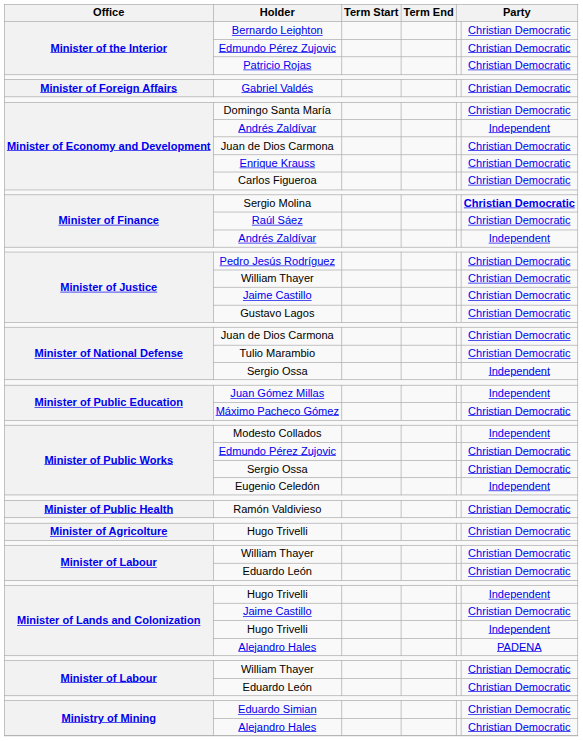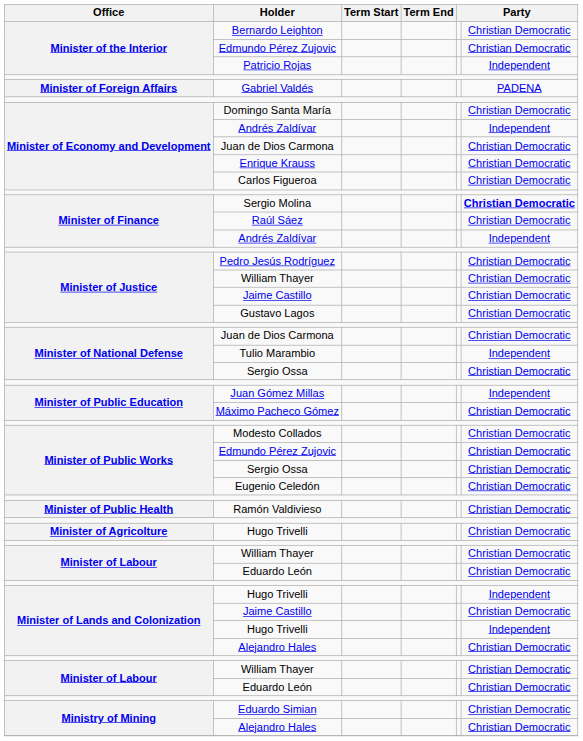 <table class="wikitable sortable" style="text-align:center;">
 <tr>
 <th>Office</th>
 <th>Holder</th>
 <th>Term Start</th>
 <th>Term End</th>
 <th colspan=2>Party</th>
 </tr>
 <tr>
 <th rowspan=3><a href='#'>Minister of the Interior</a></th>
 <td><a href='#'>Bernardo Leighton</a></td>
 <td></td>
 <td></td>
 <td></td>
 <td><a href='#'>Christian Democratic</a></td>
 </tr>
 <tr>
 <td><a href='#'>Edmundo Pérez Zujovic</a></td>
 <td></td>
 <td></td>
 <td></td>
 <td><a href='#'>Christian Democratic</a></td>
 </tr>
 <tr>
 <td><a href='#'>Patricio Rojas</a></td>
 <td></td>
 <td></td>
 <td></td>
-<td><a href='#'>Christian Democratic</a></td>
+<td><a href='#'>Independent</a></td>
 </tr>
 <tr>
 <td colspan=6></td>
 </tr>
 <tr>
 <th><a href='#'>Minister of Foreign Affairs</a></th>
 <td><a href='#'>Gabriel Valdés</a></td>
 <td></td>
 <td></td>
 <td></td>
-<td><a href='#'>Christian Democratic</a></td>
+<td><a href='#'>PADENA</a></td>
 </tr>
 <tr>
 <td colspan=6></td>
 </tr>
 <tr>
 <th rowspan=5><a href='#'>Minister of Economy and Development</a></th>
 <td>Domingo Santa María</td>
 <td></td>
 <td></td>
 <td></td>
 <td><a href='#'>Christian Democratic</a></td>
 </tr>
 <tr>
 <td><a href='#'>Andrés Zaldívar</a></td>
 <td></td>
 <td></td>
 <td></td>
 <td><a href='#'>Independent</a></td>
 </tr>
 <tr>
 <td>Juan de Dios Carmona</td>
 <td></td>
 <td></td>
 <td></td>
 <td><a href='#'>Christian Democratic</a></td>
 </tr>
 <tr>
 <td><a href='#'>Enrique Krauss</a></td>
 <td></td>
 <td></td>
 <td></td>
 <td><a href='#'>Christian Democratic</a></td>
 </tr>
 <tr>
 <td>Carlos Figueroa</td>
 <td></td>
 <td></td>
 <td></td>
 <td><a href='#'>Christian Democratic</a></td>
 </tr>
 <tr>
 <td colspan=6></td>
 </tr>
 <tr>
 <th rowspan=3><a href='#'>Minister of Finance</a></th>
 <td>Sergio Molina</td>
 <td></td>
 <td></td>
 <td></td>
 <td><strong><a href='#'>Christian Democratic</a></strong></td>
 </tr>
 <tr>
 <td><a href='#'>Raúl Sáez</a></td>
 <td></td>
 <td></td>
 <td></td>
 <td><a href='#'>Christian Democratic</a></td>
 </tr>
 <tr>
 <td><a href='#'>Andrés Zaldívar</a></td>
 <td></td>
 <td></td>
 <td></td>
 <td><a href='#'>Independent</a></td>
 </tr>
 <tr>
 <td colspan=6></td>
 </tr>
 <tr>
 <th rowspan=4><a href='#'>Minister of Justice</a></th>
 <td><a href='#'>Pedro Jesús Rodríguez</a></td>
 <td></td>
 <td></td>
 <td></td>
 <td><a href='#'>Christian Democratic</a></td>
 </tr>
 <tr>
 <td>William Thayer</td>
 <td></td>
 <td></td>
 <td></td>
 <td><a href='#'>Christian Democratic</a></td>
 </tr>
 <tr>
 <td><a href='#'>Jaime Castillo</a></td>
 <td></td>
 <td></td>
 <td></td>
 <td><a href='#'>Christian Democratic</a></td>
 </tr>
 <tr>
 <td>Gustavo Lagos</td>
 <td></td>
 <td></td>
 <td></td>
 <td><a href='#'>Christian Democratic</a></td>
 </tr>
 <tr>
 <td colspan=6></td>
 </tr>
 <tr>
 <th rowspan=3><a href='#'>Minister of National Defense</a></th>
 <td>Juan de Dios Carmona</td>
 <td></td>
 <td></td>
 <td></td>
 <td><a href='#'>Christian Democratic</a></td>
 </tr>
 <tr>
 <td>Tulio Marambio</td>
 <td></td>
 <td></td>
 <td></td>
-<td><a href='#'>Christian Democratic</a></td>
+<td><a href='#'>Independent</a></td>
 </tr>
 <tr>
 <td>Sergio Ossa</td>
 <td></td>
 <td></td>
 <td></td>
-<td><a href='#'>Independent</a></td>
+<td><a href='#'>Christian Democratic</a></td>
 </tr>
 <tr>
 <td colspan=6></td>
 </tr>
 <tr>
 <th rowspan=2><a href='#'>Minister of Public Education</a></th>
 <td><a href='#'>Juan Gómez Millas</a></td>
 <td></td>
 <td></td>
 <td></td>
 <td><a href='#'>Independent</a></td>
 </tr>
 <tr>
 <td><a href='#'>Máximo Pacheco Gómez</a></td>
 <td></td>
 <td></td>
 <td></td>
 <td><a href='#'>Christian Democratic</a></td>
 </tr>
 <tr>
 <td colspan=6></td>
 </tr>
 <tr>
 <th rowspan=4><a href='#'>Minister of Public Works</a></th>
 <td>Modesto Collados</td>
 <td></td>
 <td></td>
 <td></td>
-<td><a href='#'>Independent</a></td>
+<td><a href='#'>Christian Democratic</a></td>
 </tr>
 <tr>
 <td><a href='#'>Edmundo Pérez Zujovic</a></td>
 <td></td>
 <td></td>
 <td></td>
 <td><a href='#'>Christian Democratic</a></td>
 </tr>
 <tr>
 <td>Sergio Ossa</td>
 <td></td>
 <td></td>
 <td></td>
 <td><a href='#'>Christian Democratic</a></td>
 </tr>
 <tr>
 <td>Eugenio Celedón</td>
 <td></td>
 <td></td>
 <td></td>
-<td><a href='#'>Independent</a></td>
+<td><a href='#'>Christian Democratic</a></td>
 </tr>
 <tr>
 <td colspan=6></td>
 </tr>
 <tr>
 <th><a href='#'>Minister of Public Health</a></th>
 <td>Ramón Valdivieso</td>
 <td></td>
 <td></td>
 <td></td>
 <td><a href='#'>Christian Democratic</a></td>
 </tr>
 <tr>
 <td colspan=6></td>
 </tr>
 <tr>
 <th><a href='#'>Minister of Agricolture</a></th>
 <td>Hugo Trivelli</td>
 <td></td>
 <td></td>
 <td></td>
 <td><a href='#'>Christian Democratic</a></td>
 </tr>
 <tr>
 <td colspan=6></td>
 </tr>
 <tr>
 <th rowspan=2><a href='#'>Minister of Labour</a></th>
 <td>William Thayer</td>
 <td></td>
 <td></td>
 <td></td>
 <td><a href='#'>Christian Democratic</a></td>
 </tr>
 <tr>
 <td>Eduardo León</td>
 <td></td>
 <td></td>
 <td></td>
 <td><a href='#'>Christian Democratic</a></td>
 </tr>
 <tr>
 <td colspan=6></td>
 </tr>
 <tr>
 <th rowspan=4><a href='#'>Minister of Lands and Colonization</a></th>
 <td>Hugo Trivelli</td>
 <td></td>
 <td></td>
 <td></td>
 <td><a href='#'>Independent</a></td>
 </tr>
 <tr>
 <td><a href='#'>Jaime Castillo</a></td>
 <td></td>
 <td></td>
 <td></td>
 <td><a href='#'>Christian Democratic</a></td>
 </tr>
 <tr>
 <td>Hugo Trivelli</td>
 <td></td>
 <td></td>
 <td></td>
 <td><a href='#'>Independent</a></td>
 </tr>
 <tr>
 <td><a href='#'>Alejandro Hales</a></td>
 <td></td>
 <td></td>
 <td></td>
-<td><a href='#'>PADENA</a></td>
+<td><a href='#'>Christian Democratic</a></td>
 </tr>
 <tr>
 <td colspan=6></td>
 </tr>
 <tr>
 <th rowspan=2><a href='#'>Minister of Labour</a></th>
 <td>William Thayer</td>
 <td></td>
 <td></td>
 <td></td>
 <td><a href='#'>Christian Democratic</a></td>
 </tr>
 <tr>
 <td>Eduardo León</td>
 <td></td>
 <td></td>
 <td></td>
 <td><a href='#'>Christian Democratic</a></td>
 </tr>
 <tr>
 <td colspan=6></td>
 </tr>
 <tr>
 <th rowspan=2><a href='#'>Ministry of Mining</a></th>
 <td><a href='#'>Eduardo Simian</a></td>
 <td></td>
 <td></td>
 <td></td>
 <td><a href='#'>Christian Democratic</a></td>
 </tr>
 <tr>
 <td><a href='#'>Alejandro Hales</a></td>
 <td></td>
 <td></td>
 <td></td>
 <td><a href='#'>Christian Democratic</a></td>
 </tr>
 <tr>
 </tr>
 </table>
